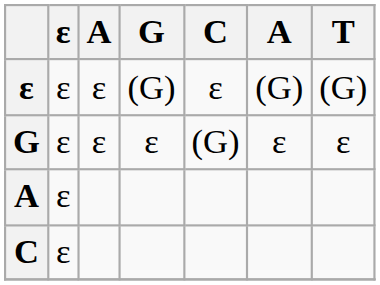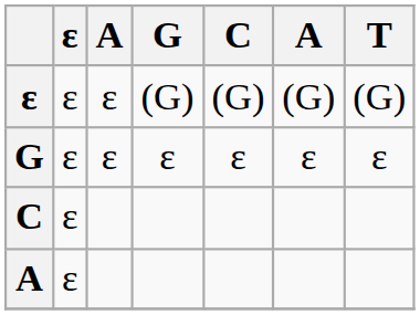 <table class="wikitable" style="text-align:center">
 <tr>
 <th></th>
 <th>ε</th>
 <th>A</th>
 <th>G</th>
 <th>C</th>
 <th>A</th>
 <th>T</th>
 </tr>
 <tr>
 <th>ε</th>
 <td>ε</td>
 <td>ε</td>
 <td>(G)</td>
-<td>ε</td>
+<td>(G)</td>
 <td>(G)</td>
 <td>(G)</td>
 </tr>
 <tr>
 <th>G</th>
 <td>ε</td>
 <td>ε</td>
 <td>ε</td>
-<td>(G)</td>
 <td>ε</td>
 <td>ε</td>
+<td>ε</td>
+</tr>
+<tr>
+<th>C</th>
+<td>ε</td>
+<td></td>
+<td></td>
+<td></td>
+<td></td>
+<td></td>
 </tr>
 <tr>
 <th>A</th>
 <td>ε</td>
 <td></td>
 <td></td>
 <td></td>
 <td></td>
 <td></td>
 </tr>
 <tr>
-<th>C</th>
-<td>ε</td>
-<td></td>
-<td></td>
-<td></td>
-<td></td>
-<td></td>
-</tr>
-<tr>
 </tr>
 </table>
